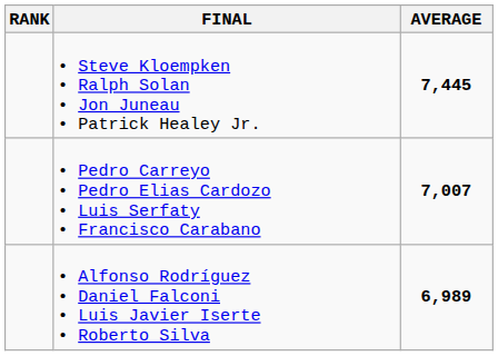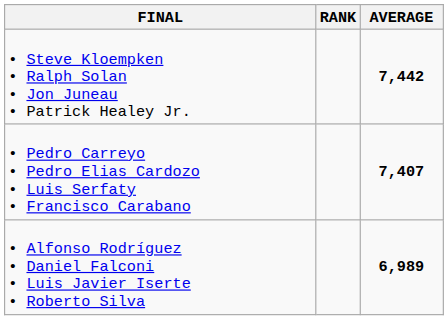 <table class="wikitable">
 <tr>
+<th style="width: 20em">FINAL</th>
 <th>RANK</th>
-<th style="width: 20em">FINAL</th>
 <th style="width: 5em">AVERAGE</th>
 </tr>
 <tr>
+<td><strong></strong><br>• <a href='#'>Steve Kloempken</a><br>• <a href='#'>Ralph Solan</a><br>• <a href='#'>Jon Juneau</a><br>• Patrick Healey Jr.</td>
 <td align="center"></td>
-<td><strong></strong><br>• <a href='#'>Steve Kloempken</a><br>• <a href='#'>Ralph Solan</a><br>• <a href='#'>Jon Juneau</a><br>• Patrick Healey Jr.</td>
-<td align="center"><strong>7,445</strong></td>
+<td align="center"><strong>7,442</strong></td>
 </tr>
 <tr>
+<td><strong></strong><br>• <a href='#'>Pedro Carreyo</a><br>• <a href='#'>Pedro Elias Cardozo</a><br>• <a href='#'>Luis Serfaty</a><br>• <a href='#'>Francisco Carabano</a></td>
 <td align="center"></td>
-<td><strong></strong><br>• <a href='#'>Pedro Carreyo</a><br>• <a href='#'>Pedro Elias Cardozo</a><br>• <a href='#'>Luis Serfaty</a><br>• <a href='#'>Francisco Carabano</a></td>
-<td align="center"><strong>7,007</strong></td>
+<td align="center"><strong>7,407</strong></td>
 </tr>
 <tr>
+<td><strong></strong><br>• <a href='#'>Alfonso Rodríguez</a><br>• <a href='#'>Daniel Falconi</a><br>• <a href='#'>Luis Javier Iserte</a><br>• <a href='#'>Roberto Silva</a></td>
 <td align="center"></td>
-<td><strong></strong><br>• <a href='#'>Alfonso Rodríguez</a><br>• <a href='#'>Daniel Falconi</a><br>• <a href='#'>Luis Javier Iserte</a><br>• <a href='#'>Roberto Silva</a></td>
 <td align="center"><strong>6,989</strong></td>
 </tr>
 </table>
